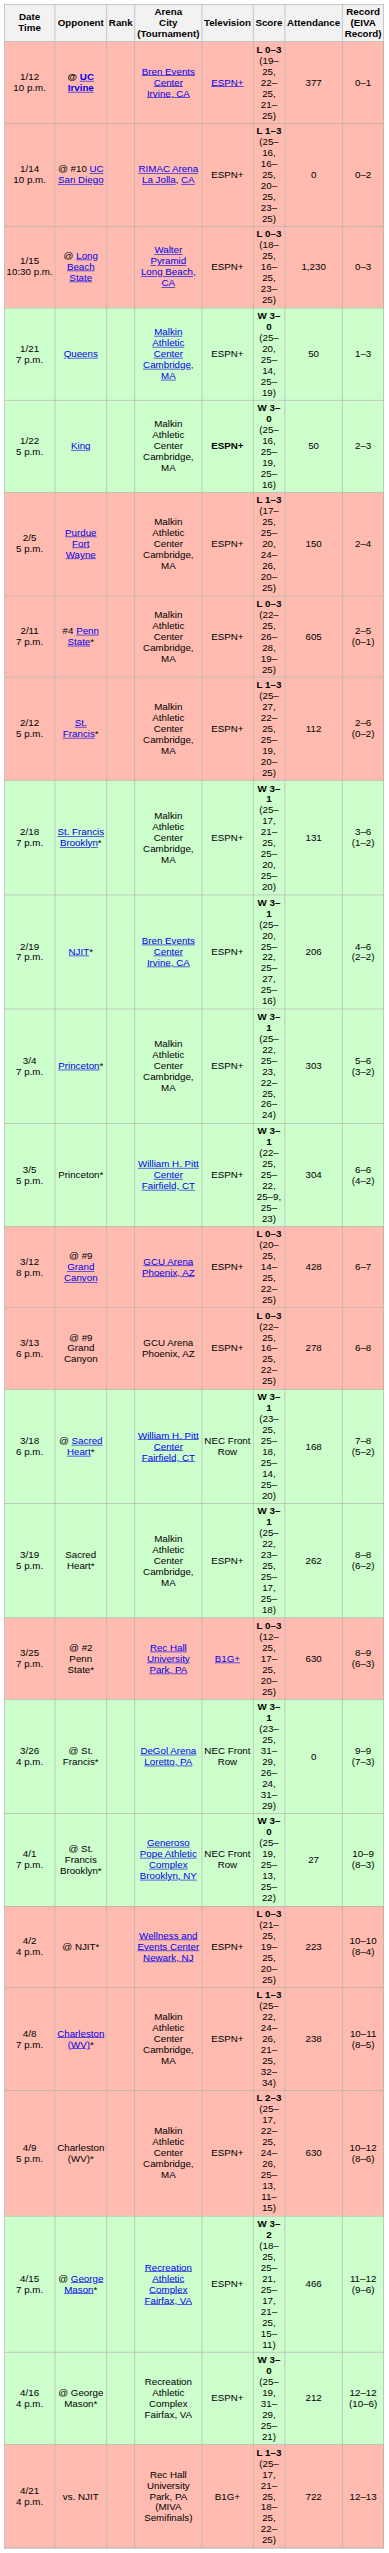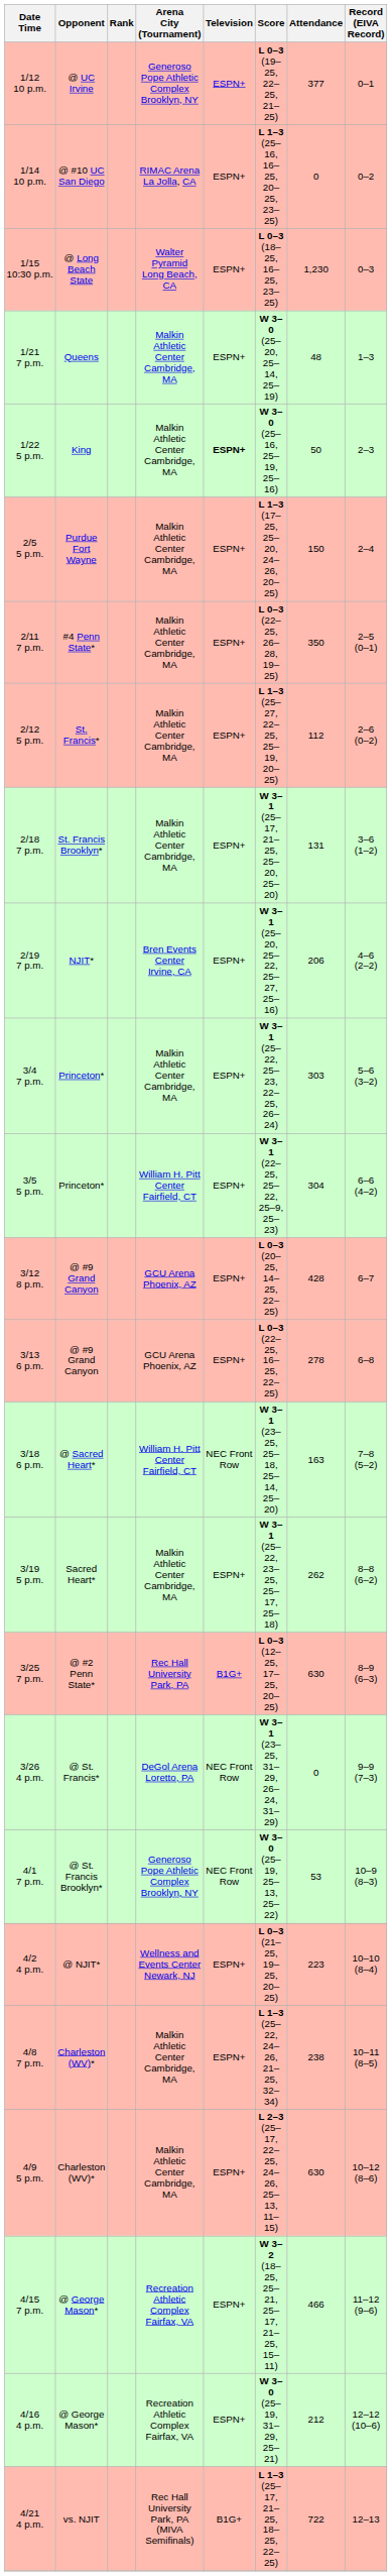 <table class="wikitable sortable" style="width:90%">
 <tr>
 <th !>Date<br>Time</th>
 <th>Opponent</th>
 <th>Rank</th>
 <th>Arena<br>City<br>(Tournament)</th>
 <th>Television</th>
 <th>Score</th>
 <th>Attendance</th>
 <th>Record<br>(EIVA Record)</th>
 </tr>
 <tr align="center" bgcolor="#ffbbb">
 <td>1/12<br>10 p.m.</td>
-<td><strong>@ <a href='#'>UC Irvine</a></strong></td>
+<td>@ <a href='#'>UC Irvine</a></td>
 <td></td>
-<td><a href='#'>Bren Events Center</a><br><a href='#'>Irvine, CA</a></td>
+<td><a href='#'>Generoso Pope Athletic Complex</a><br><a href='#'>Brooklyn, NY</a></td>
 <td><a href='#'>ESPN+</a></td>
 <td><strong>L 0–3</strong><br>(19–25, 22–25, 21–25)</td>
 <td>377</td>
 <td>0–1</td>
 </tr>
 <tr align="center" bgcolor="#ffbbb">
 <td>1/14<br>10 p.m.</td>
 <td>@ #10 <a href='#'>UC San Diego</a></td>
 <td></td>
 <td><a href='#'>RIMAC Arena</a><br><a href='#'>La Jolla</a>, <a href='#'>CA</a></td>
 <td>ESPN+</td>
 <td><strong>L 1–3</strong><br>(25–16, 16–25, 20–25, 23–25)</td>
 <td>0</td>
 <td>0–2</td>
 </tr>
 <tr align="center" bgcolor="#ffbbb">
 <td>1/15<br>10:30 p.m.</td>
 <td>@ <a href='#'>Long Beach State</a></td>
 <td></td>
 <td><a href='#'>Walter Pyramid</a><br><a href='#'>Long Beach, CA</a></td>
 <td>ESPN+</td>
 <td><strong>L 0–3</strong><br> (18–25, 16–25, 23–25)</td>
 <td>1,230</td>
 <td>0–3</td>
 </tr>
 <tr align="center" bgcolor="#ccffcc">
 <td>1/21<br>7 p.m.</td>
 <td><a href='#'>Queens</a></td>
 <td></td>
 <td><a href='#'>Malkin Athletic Center</a><br><a href='#'>Cambridge, MA</a></td>
 <td>ESPN+</td>
 <td><strong>W 3–0</strong><br> (25–20, 25–14, 25–19)</td>
-<td>50</td>
+<td>48</td>
 <td>1–3</td>
 </tr>
 <tr align="center" bgcolor="#ccffcc">
 <td>1/22<br>5 p.m.</td>
 <td><a href='#'>King</a></td>
 <td></td>
 <td>Malkin Athletic Center<br>Cambridge, MA</td>
 <td><strong>ESPN+</strong></td>
 <td><strong>W 3–0</strong><br>(25–16, 25–19, 25–16)</td>
 <td>50</td>
 <td>2–3</td>
 </tr>
 <tr align="center" bgcolor="#ffbbb">
 <td>2/5<br>5 p.m.</td>
 <td><a href='#'>Purdue Fort Wayne</a></td>
 <td></td>
 <td>Malkin Athletic Center<br>Cambridge, MA</td>
 <td>ESPN+</td>
 <td><strong>L 1–3</strong><br>(17–25, 25–20, 24–26, 20–25)</td>
 <td>150</td>
 <td>2–4</td>
 </tr>
 <tr align="center" bgcolor="#ffbbb">
 <td>2/11<br>7 p.m.</td>
 <td>#4 <a href='#'>Penn State</a>*</td>
 <td></td>
 <td>Malkin Athletic Center<br>Cambridge, MA</td>
 <td>ESPN+</td>
 <td><strong>L 0–3</strong><br>(22–25, 26–28, 19–25)</td>
-<td>605</td>
+<td>350</td>
 <td>2–5<br>(0–1)</td>
 </tr>
 <tr align="center" bgcolor="#ffbbb">
 <td>2/12<br>5 p.m.</td>
 <td><a href='#'>St. Francis</a>*</td>
 <td></td>
 <td>Malkin Athletic Center<br>Cambridge, MA</td>
 <td>ESPN+</td>
 <td><strong>L 1–3</strong><br>(25–27, 22–25, 25–19, 20–25)</td>
 <td>112</td>
 <td>2–6<br>(0–2)</td>
 </tr>
 <tr align="center" bgcolor="#ccffcc">
 <td>2/18<br>7 p.m.</td>
 <td><a href='#'>St. Francis Brooklyn</a>*</td>
 <td></td>
 <td>Malkin Athletic Center<br>Cambridge, MA</td>
 <td>ESPN+</td>
 <td><strong>W 3–1</strong><br>(25–17, 21–25, 25–20, 25–20)</td>
 <td>131</td>
 <td>3–6<br>(1–2)</td>
 </tr>
 <tr align="center" bgcolor="#ccffcc">
 <td>2/19<br>7 p.m.</td>
 <td><a href='#'>NJIT</a>*</td>
 <td></td>
 <td><a href='#'>Bren Events Center</a><br><a href='#'>Irvine, CA</a></td>
 <td>ESPN+</td>
 <td><strong>W 3–1</strong><br>(25–20, 25–22, 25–27, 25–16)</td>
 <td>206</td>
 <td>4–6<br>(2–2)</td>
 </tr>
 <tr align="center" bgcolor="#ccffcc">
 <td>3/4<br>7 p.m.</td>
 <td><a href='#'>Princeton</a>*</td>
 <td></td>
 <td>Malkin Athletic Center<br>Cambridge, MA</td>
 <td>ESPN+</td>
 <td><strong>W 3–1</strong><br>(25–22, 25–23, 22–25, 26–24)</td>
 <td>303</td>
 <td>5–6<br>(3–2)</td>
 </tr>
 <tr align="center" bgcolor="#ccffcc">
 <td>3/5<br>5 p.m.</td>
 <td>Princeton*</td>
 <td></td>
 <td><a href='#'>William H. Pitt Center</a><br><a href='#'>Fairfield, CT</a></td>
 <td>ESPN+</td>
 <td><strong>W 3–1</strong><br>(22–25, 25–22, 25–9, 25–23)</td>
 <td>304</td>
 <td>6–6<br>(4–2)</td>
 </tr>
 <tr align="center" bgcolor="#ffbbb">
 <td>3/12<br>8 p.m.</td>
 <td>@ #9 <a href='#'>Grand Canyon</a></td>
 <td></td>
 <td><a href='#'>GCU Arena</a><br><a href='#'>Phoenix, AZ</a></td>
 <td>ESPN+</td>
 <td><strong>L 0–3</strong><br>(20–25, 14–25, 22–25)</td>
 <td>428</td>
 <td>6–7</td>
 </tr>
 <tr align="center" bgcolor="#ffbbb">
 <td>3/13<br>6 p.m.</td>
 <td>@ #9 Grand Canyon</td>
 <td></td>
 <td>GCU Arena<br>Phoenix, AZ</td>
 <td>ESPN+</td>
 <td><strong>L 0–3</strong><br>(22–25, 16–25, 22–25)</td>
 <td>278</td>
 <td>6–8</td>
 </tr>
 <tr align="center" bgcolor="#ccffcc">
 <td>3/18<br>6 p.m.</td>
 <td>@ <a href='#'>Sacred Heart</a>*</td>
 <td></td>
 <td><a href='#'>William H. Pitt Center</a><br><a href='#'>Fairfield, CT</a></td>
 <td>NEC Front Row</td>
 <td><strong>W 3–1</strong><br>(23–25, 25–18, 25–14, 25–20)</td>
-<td>168</td>
+<td>163</td>
 <td>7–8<br>(5–2)</td>
 </tr>
 <tr align="center" bgcolor="#ccffcc">
 <td>3/19<br>5 p.m.</td>
 <td>Sacred Heart*</td>
 <td></td>
 <td>Malkin Athletic Center<br>Cambridge, MA</td>
 <td>ESPN+</td>
 <td><strong>W 3–1</strong><br>(25–22, 23–25, 25–17, 25–18)</td>
 <td>262</td>
 <td>8–8<br>(6–2)</td>
 </tr>
 <tr align="center" bgcolor="#ffbbb">
 <td>3/25<br>7 p.m.</td>
 <td>@ #2 Penn State*</td>
 <td></td>
 <td><a href='#'>Rec Hall</a><br><a href='#'>University Park, PA</a></td>
 <td><a href='#'>B1G+</a></td>
 <td><strong>L 0–3</strong><br>(12–25, 17–25, 20–25)</td>
 <td>630</td>
 <td>8–9<br>(6–3)</td>
 </tr>
 <tr align="center" bgcolor="#ccffcc">
 <td>3/26<br>4 p.m.</td>
 <td>@ St. Francis*</td>
 <td></td>
 <td><a href='#'>DeGol Arena</a><br><a href='#'>Loretto, PA</a></td>
 <td>NEC Front Row</td>
 <td><strong>W 3–1</strong><br>(23–25, 31–29, 26–24, 31–29)</td>
 <td>0</td>
 <td>9–9<br>(7–3)</td>
 </tr>
 <tr align="center" bgcolor="#ccffcc">
 <td>4/1<br>7 p.m.</td>
 <td>@ St. Francis Brooklyn*</td>
 <td></td>
 <td><a href='#'>Generoso Pope Athletic Complex</a><br><a href='#'>Brooklyn, NY</a></td>
 <td>NEC Front Row</td>
 <td><strong>W 3–0</strong><br>(25–19, 25–13, 25–22)</td>
-<td>27</td>
+<td>53</td>
 <td>10–9<br>(8–3)</td>
 </tr>
 <tr align="center" bgcolor="#ffbbb">
 <td>4/2<br>4 p.m.</td>
 <td>@ NJIT*</td>
 <td></td>
 <td><a href='#'>Wellness and Events Center</a><br><a href='#'>Newark, NJ</a></td>
 <td>ESPN+</td>
 <td><strong>L 0–3</strong><br>(21–25, 19–25, 20–25)</td>
 <td>223</td>
 <td>10–10<br>(8–4)</td>
 </tr>
 <tr align="center" bgcolor="#ffbbb">
 <td>4/8<br>7 p.m.</td>
 <td><a href='#'>Charleston (WV)</a>*</td>
 <td></td>
 <td>Malkin Athletic Center<br>Cambridge, MA</td>
 <td>ESPN+</td>
 <td><strong>L 1–3</strong><br>(25–22, 24–26, 21–25, 32–34)</td>
 <td>238</td>
 <td>10–11<br>(8–5)</td>
 </tr>
 <tr align="center" bgcolor="#ffbbb">
 <td>4/9<br>5 p.m.</td>
 <td>Charleston (WV)*</td>
 <td></td>
 <td>Malkin Athletic Center<br>Cambridge, MA</td>
 <td>ESPN+</td>
 <td><strong>L 2–3</strong><br>(25–17, 22–25, 24–26, 25–13, 11–15)</td>
 <td>630</td>
 <td>10–12<br>(8–6)</td>
 </tr>
 <tr align="center" bgcolor="#ccffcc">
 <td>4/15<br>7 p.m.</td>
 <td>@ <a href='#'>George Mason</a>*</td>
 <td></td>
 <td><a href='#'>Recreation Athletic Complex</a><br><a href='#'>Fairfax, VA</a></td>
 <td>ESPN+</td>
 <td><strong>W 3–2</strong><br>(18–25, 25–21, 25–17, 21–25, 15–11)</td>
 <td>466</td>
 <td>11–12<br>(9–6)</td>
 </tr>
 <tr align="center" bgcolor="#ccffcc">
 <td>4/16<br>4 p.m.</td>
 <td>@ George Mason*</td>
 <td></td>
 <td>Recreation Athletic Complex<br>Fairfax, VA</td>
 <td>ESPN+</td>
 <td><strong>W 3–0</strong><br>(25–19, 31–29, 25–21)</td>
 <td>212</td>
 <td>12–12<br>(10–6)</td>
 </tr>
 <tr align="center" bgcolor="#ffbbb">
 <td>4/21<br>4 p.m.</td>
 <td>vs. NJIT</td>
 <td></td>
 <td>Rec Hall<br>University Park, PA<br>(MIVA Semifinals)</td>
 <td>B1G+</td>
 <td><strong>L 1–3</strong><br>(25–17, 21–25, 18–25, 22–25)</td>
 <td>722</td>
 <td>12–13</td>
 </tr>
 <tr>
 </tr>
 </table>
